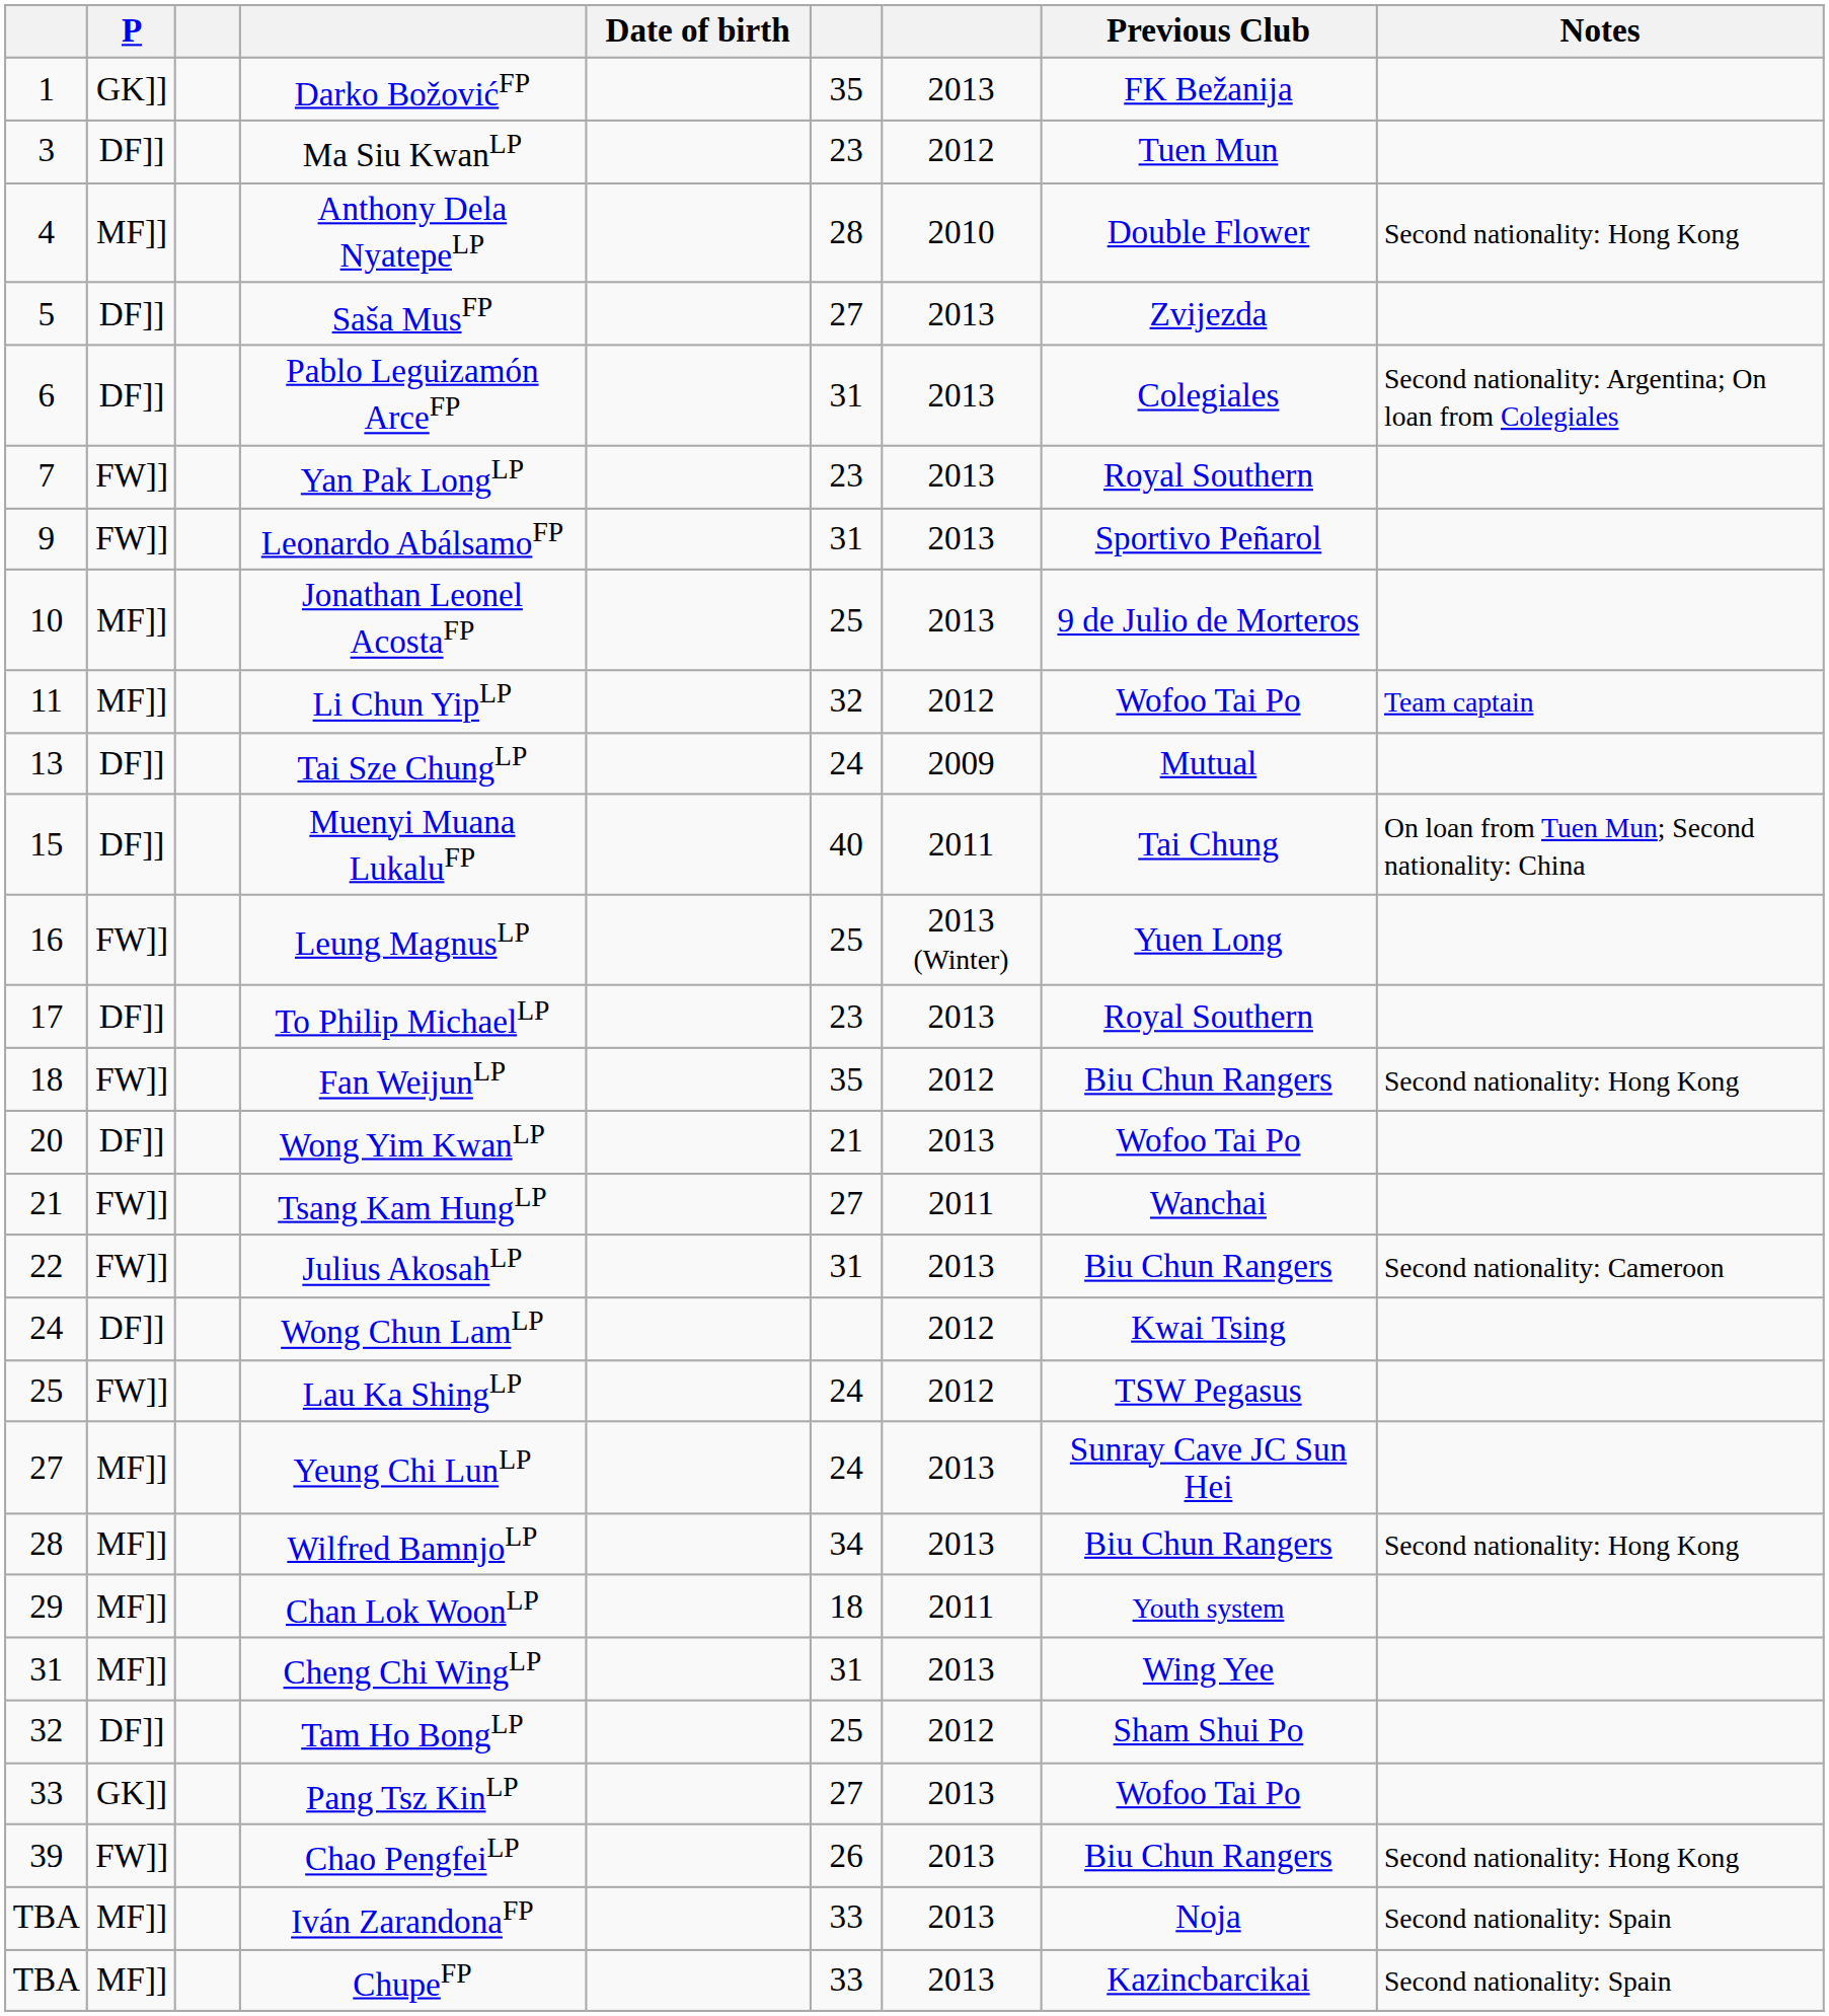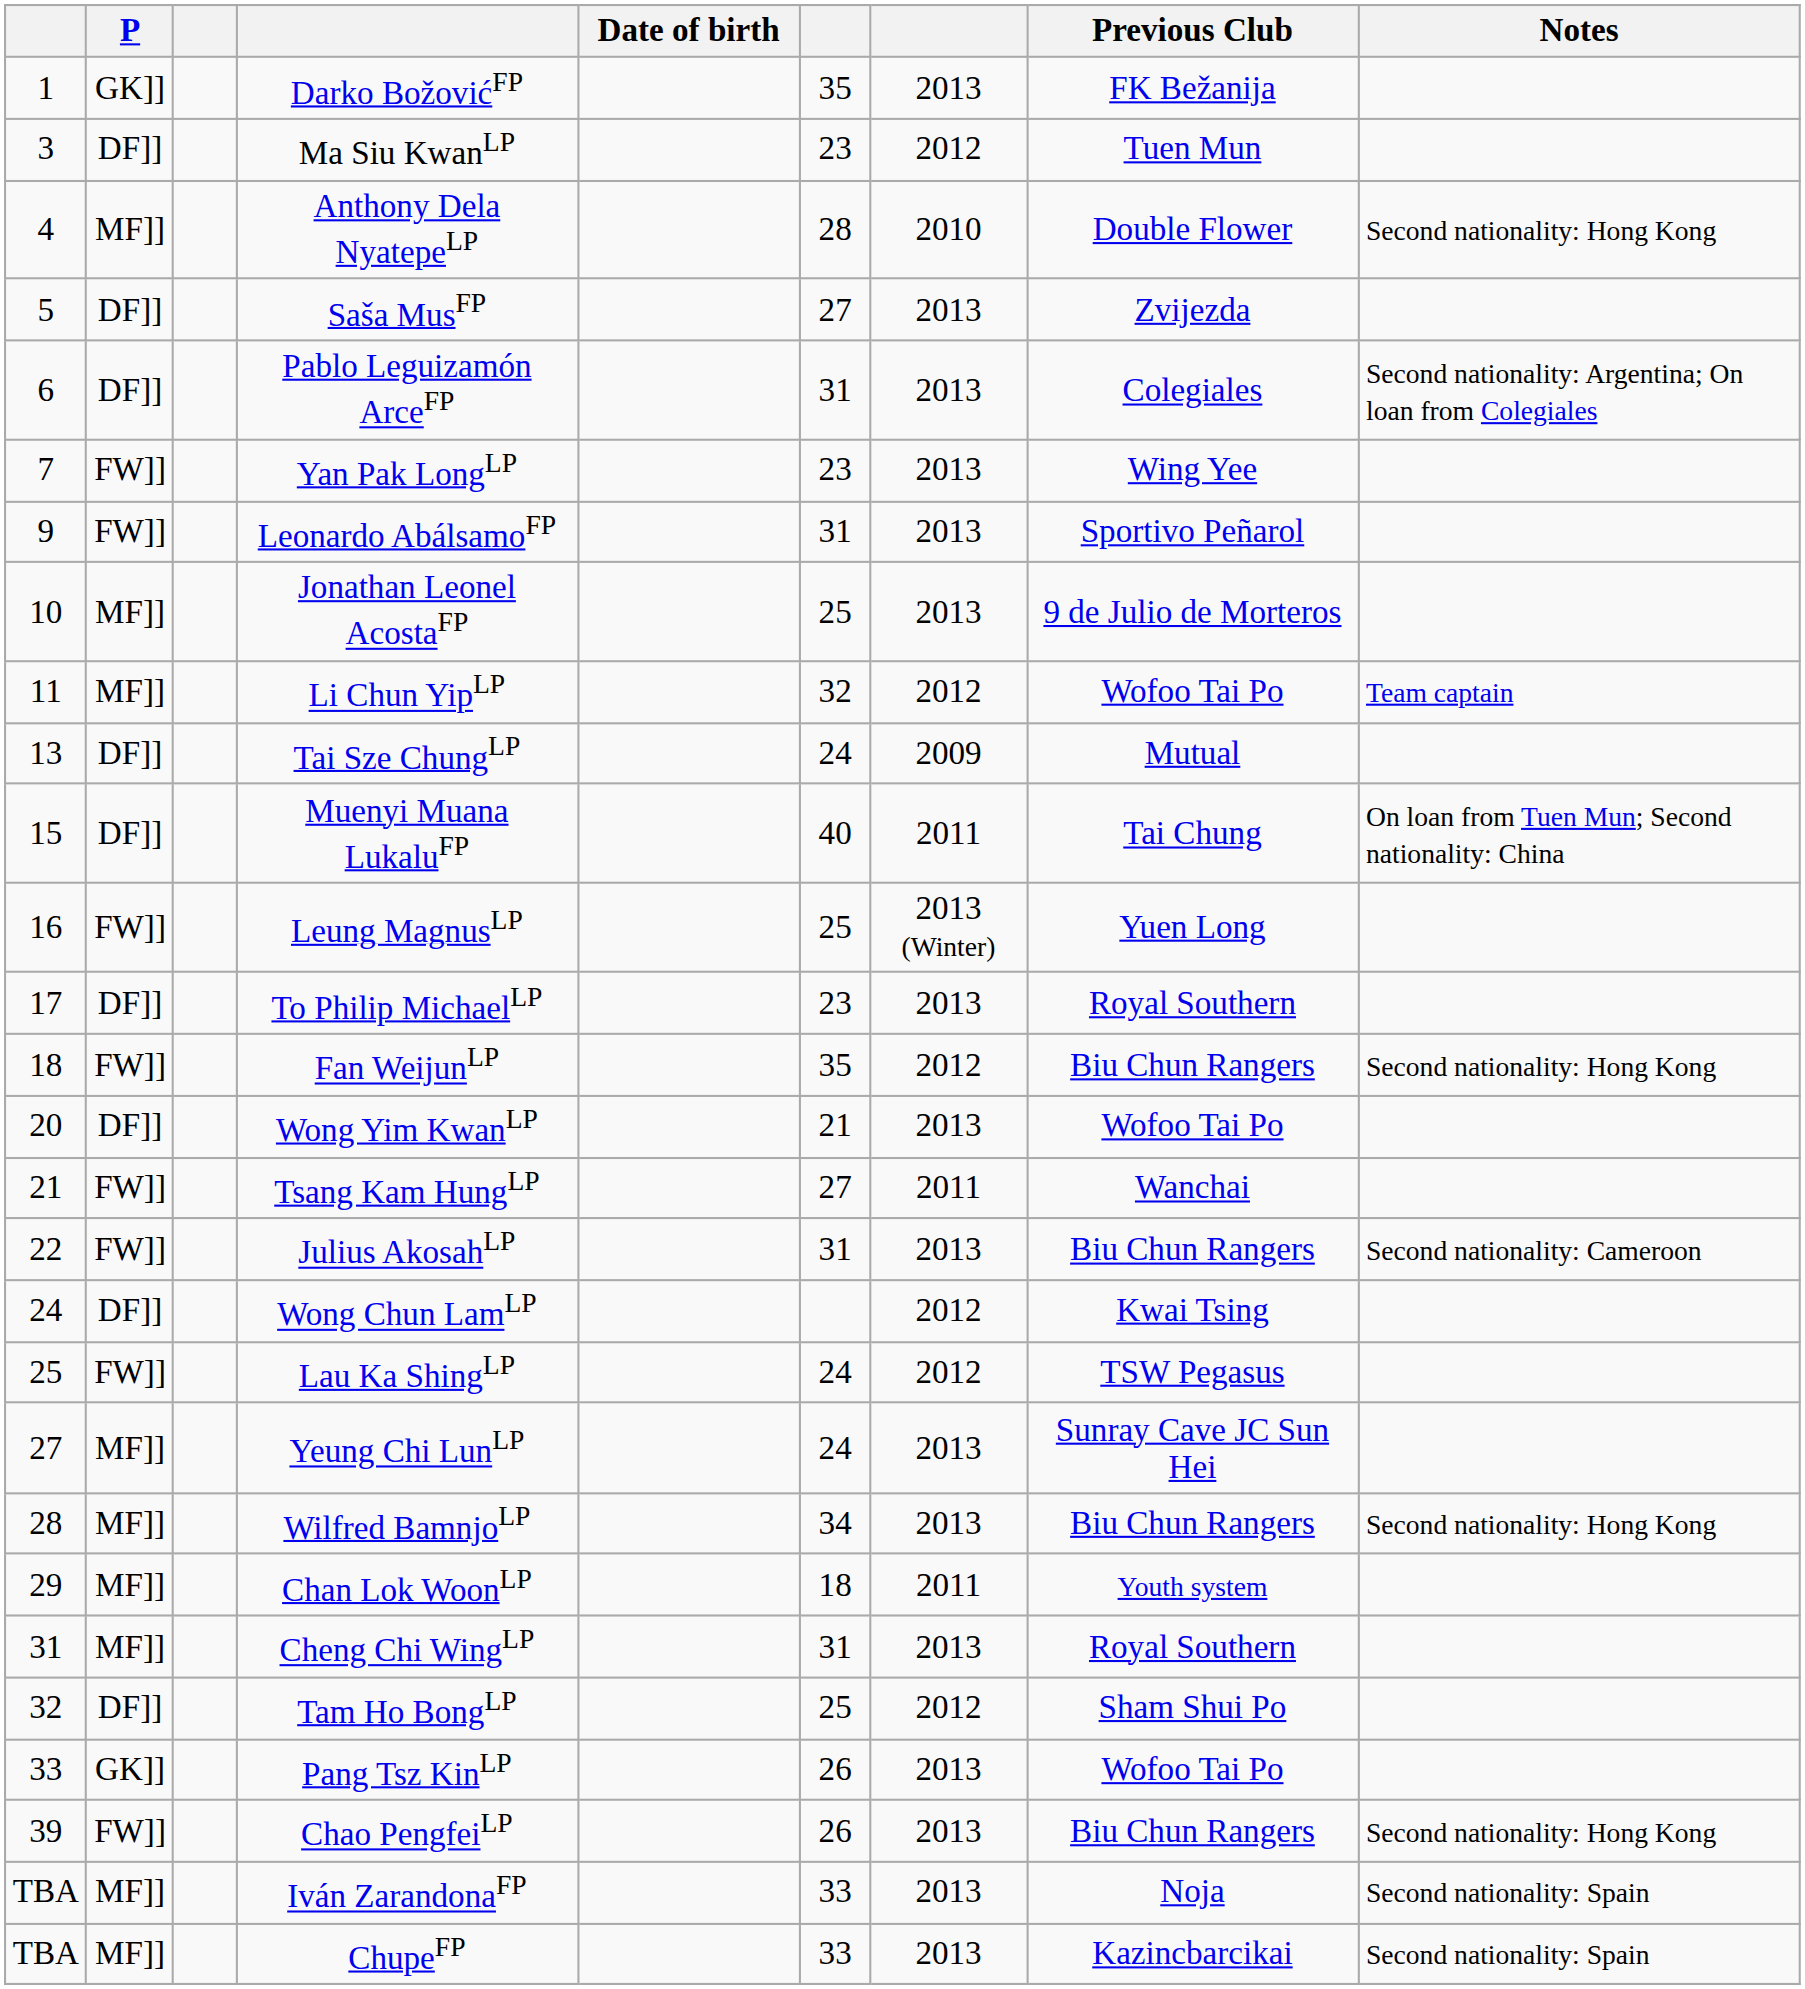 <table class="wikitable sortable" style="text-align: center;">
 <tr>
 <th width=30></th>
 <th width=30><a href='#'>P</a></th>
 <th width=30></th>
 <th width=180></th>
 <th width=120>Date of birth</th>
 <th width=30></th>
 <th width=75></th>
 <th width=170>Previous Club</th>
 <th width=250>Notes</th>
 </tr>
 <tr>
 <td>1</td>
 <td [[>GK]]</td>
 <td></td>
 <td><a href='#'>Darko Božović</a><sup>FP</sup></td>
 <td></td>
 <td>35</td>
 <td>2013</td>
 <td> <a href='#'>FK Bežanija</a></td>
 <td></td>
 </tr>
 <tr>
 <td>3</td>
 <td [[>DF]]</td>
 <td></td>
 <td>Ma Siu Kwan<sup>LP</sup></td>
 <td></td>
 <td>23</td>
 <td>2012</td>
 <td> <a href='#'>Tuen Mun</a></td>
 <td></td>
 </tr>
 <tr>
 <td>4</td>
 <td [[>MF]]</td>
 <td></td>
 <td><a href='#'>Anthony Dela Nyatepe</a><sup>LP</sup></td>
 <td></td>
 <td>28</td>
 <td>2010</td>
 <td> <a href='#'>Double Flower</a></td>
 <td align=left><small>Second nationality: Hong Kong</small></td>
 </tr>
 <tr>
 <td>5</td>
 <td [[>DF]]</td>
 <td></td>
 <td><a href='#'>Saša Mus</a><sup>FP</sup></td>
 <td></td>
 <td>27</td>
 <td>2013</td>
 <td> <a href='#'>Zvijezda</a></td>
 <td></td>
 </tr>
 <tr>
 <td>6</td>
 <td [[>DF]]</td>
 <td></td>
 <td><a href='#'>Pablo Leguizamón Arce</a><sup>FP</sup></td>
 <td></td>
 <td>31</td>
 <td>2013</td>
 <td> <a href='#'>Colegiales</a></td>
 <td align=left><small>Second nationality: Argentina; On loan from <a href='#'>Colegiales</a></small></td>
 </tr>
 <tr>
 <td>7</td>
 <td [[>FW]]</td>
 <td></td>
 <td><a href='#'>Yan Pak Long</a><sup>LP</sup></td>
 <td></td>
 <td>23</td>
 <td>2013</td>
-<td> <a href='#'>Royal Southern</a></td>
+<td> <a href='#'>Wing Yee</a></td>
 <td></td>
 </tr>
 <tr>
 <td>9</td>
 <td [[>FW]]</td>
 <td></td>
 <td><a href='#'>Leonardo Abálsamo</a><sup>FP</sup></td>
 <td></td>
 <td>31</td>
 <td>2013</td>
 <td> <a href='#'>Sportivo Peñarol</a></td>
 <td></td>
 </tr>
 <tr>
 <td>10</td>
 <td [[>MF]]</td>
 <td></td>
 <td><a href='#'>Jonathan Leonel Acosta</a><sup>FP</sup></td>
 <td></td>
 <td>25</td>
 <td>2013</td>
 <td> <a href='#'>9 de Julio de Morteros</a></td>
 <td></td>
 </tr>
 <tr>
 <td>11</td>
 <td [[>MF]]</td>
 <td></td>
 <td><a href='#'>Li Chun Yip</a><sup>LP</sup></td>
 <td></td>
 <td>32</td>
 <td>2012</td>
 <td> <a href='#'>Wofoo Tai Po</a></td>
 <td align=left><small><a href='#'>Team captain</a></small></td>
 </tr>
 <tr>
 <td>13</td>
 <td [[>DF]]</td>
 <td></td>
 <td><a href='#'>Tai Sze Chung</a><sup>LP</sup></td>
 <td></td>
 <td>24</td>
 <td>2009</td>
 <td> <a href='#'>Mutual</a></td>
 <td></td>
 </tr>
 <tr>
 <td>15</td>
 <td [[>DF]]</td>
 <td></td>
 <td><a href='#'>Muenyi Muana Lukalu</a><sup>FP</sup></td>
 <td></td>
 <td>40</td>
 <td>2011</td>
 <td> <a href='#'>Tai Chung</a></td>
 <td align=left><small>On loan from <a href='#'>Tuen Mun</a>; Second nationality: China</small></td>
 </tr>
 <tr>
 <td>16</td>
 <td [[>FW]]</td>
 <td></td>
 <td><a href='#'>Leung Magnus</a><sup>LP</sup></td>
 <td></td>
 <td>25</td>
 <td>2013 <small>(Winter)</small></td>
 <td> <a href='#'>Yuen Long</a></td>
 <td></td>
 </tr>
 <tr>
 <td>17</td>
 <td [[>DF]]</td>
 <td></td>
 <td><a href='#'>To Philip Michael</a><sup>LP</sup></td>
 <td></td>
 <td>23</td>
 <td>2013</td>
 <td> <a href='#'>Royal Southern</a></td>
 <td></td>
 </tr>
 <tr>
 <td>18</td>
 <td [[>FW]]</td>
 <td></td>
 <td><a href='#'>Fan Weijun</a><sup>LP</sup></td>
 <td></td>
 <td>35</td>
 <td>2012</td>
 <td> <a href='#'>Biu Chun Rangers</a></td>
 <td align=left><small>Second nationality: Hong Kong</small></td>
 </tr>
 <tr>
 <td>20</td>
 <td [[>DF]]</td>
 <td></td>
 <td><a href='#'>Wong Yim Kwan</a><sup>LP</sup></td>
 <td></td>
 <td>21</td>
 <td>2013</td>
 <td> <a href='#'>Wofoo Tai Po</a></td>
 <td></td>
 </tr>
 <tr>
 <td>21</td>
 <td [[>FW]]</td>
 <td></td>
 <td><a href='#'>Tsang Kam Hung</a><sup>LP</sup></td>
 <td></td>
 <td>27</td>
 <td>2011</td>
 <td> <a href='#'>Wanchai</a></td>
 <td></td>
 </tr>
 <tr>
 <td>22</td>
 <td [[>FW]]</td>
 <td></td>
 <td><a href='#'>Julius Akosah</a><sup>LP</sup></td>
 <td></td>
 <td>31</td>
 <td>2013</td>
 <td> <a href='#'>Biu Chun Rangers</a></td>
 <td align=left><small>Second nationality: Cameroon</small></td>
 </tr>
 <tr>
 <td>24</td>
 <td [[>DF]]</td>
 <td></td>
 <td><a href='#'>Wong Chun Lam</a><sup>LP</sup></td>
 <td></td>
 <td></td>
 <td>2012</td>
 <td> <a href='#'>Kwai Tsing</a></td>
 <td></td>
 </tr>
 <tr>
 <td>25</td>
 <td [[>FW]]</td>
 <td></td>
 <td><a href='#'>Lau Ka Shing</a><sup>LP</sup></td>
 <td></td>
 <td>24</td>
 <td>2012</td>
 <td> <a href='#'>TSW Pegasus</a></td>
 <td></td>
 </tr>
 <tr>
 <td>27</td>
 <td [[>MF]]</td>
 <td></td>
 <td><a href='#'>Yeung Chi Lun</a><sup>LP</sup></td>
 <td></td>
 <td>24</td>
 <td>2013</td>
 <td> <a href='#'>Sunray Cave JC Sun Hei</a></td>
 <td></td>
 </tr>
 <tr>
 <td>28</td>
 <td [[>MF]]</td>
 <td></td>
 <td><a href='#'>Wilfred Bamnjo</a><sup>LP</sup></td>
 <td></td>
 <td>34</td>
 <td>2013</td>
 <td> <a href='#'>Biu Chun Rangers</a></td>
 <td align=left><small>Second nationality: Hong Kong</small></td>
 </tr>
 <tr>
 <td>29</td>
 <td [[>MF]]</td>
 <td></td>
 <td><a href='#'>Chan Lok Woon</a><sup>LP</sup></td>
 <td></td>
 <td>18</td>
 <td>2011</td>
 <td><small><a href='#'>Youth system</a></small></td>
 <td></td>
 </tr>
 <tr>
 <td>31</td>
 <td [[>MF]]</td>
 <td></td>
 <td><a href='#'>Cheng Chi Wing</a><sup>LP</sup></td>
 <td></td>
 <td>31</td>
 <td>2013</td>
-<td> <a href='#'>Wing Yee</a></td>
+<td> <a href='#'>Royal Southern</a></td>
 <td></td>
 </tr>
 <tr>
 <td>32</td>
 <td [[>DF]]</td>
 <td></td>
 <td><a href='#'>Tam Ho Bong</a><sup>LP</sup></td>
 <td></td>
 <td>25</td>
 <td>2012</td>
 <td> <a href='#'>Sham Shui Po</a></td>
 <td></td>
 </tr>
 <tr>
 <td>33</td>
 <td [[>GK]]</td>
 <td></td>
 <td><a href='#'>Pang Tsz Kin</a><sup>LP</sup></td>
 <td></td>
-<td>27</td>
+<td>26</td>
 <td>2013</td>
 <td> <a href='#'>Wofoo Tai Po</a></td>
 <td></td>
 </tr>
 <tr>
 <td>39</td>
 <td [[>FW]]</td>
 <td></td>
 <td><a href='#'>Chao Pengfei</a><sup>LP</sup></td>
 <td></td>
 <td>26</td>
 <td>2013</td>
 <td> <a href='#'>Biu Chun Rangers</a></td>
 <td align=left><small>Second nationality: Hong Kong</small></td>
 </tr>
 <tr>
 <td>TBA</td>
 <td [[>MF]]</td>
 <td></td>
 <td><a href='#'>Iván Zarandona</a><sup>FP</sup></td>
 <td></td>
 <td>33</td>
 <td>2013</td>
 <td> <a href='#'>Noja</a></td>
 <td align=left><small>Second nationality: Spain</small></td>
 </tr>
 <tr>
 <td>TBA</td>
 <td [[>MF]]</td>
 <td></td>
 <td><a href='#'>Chupe</a><sup>FP</sup></td>
 <td></td>
 <td>33</td>
 <td>2013</td>
 <td> <a href='#'>Kazincbarcikai</a></td>
 <td align=left><small>Second nationality: Spain</small><br>  </td>
 </tr>
 </table>
